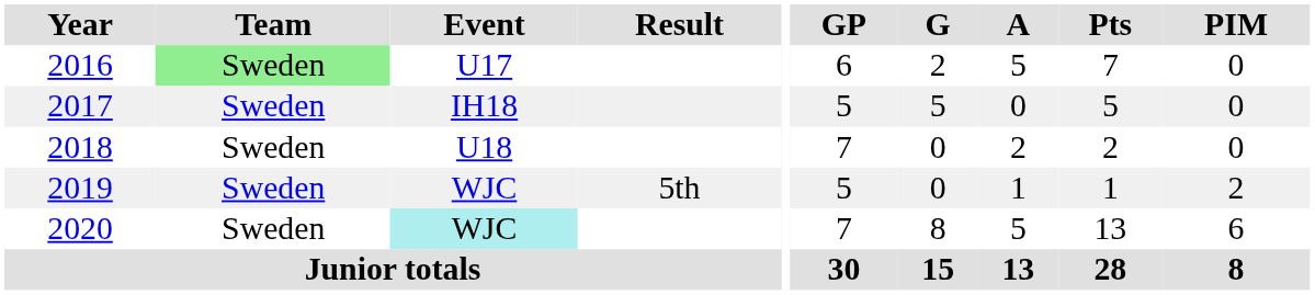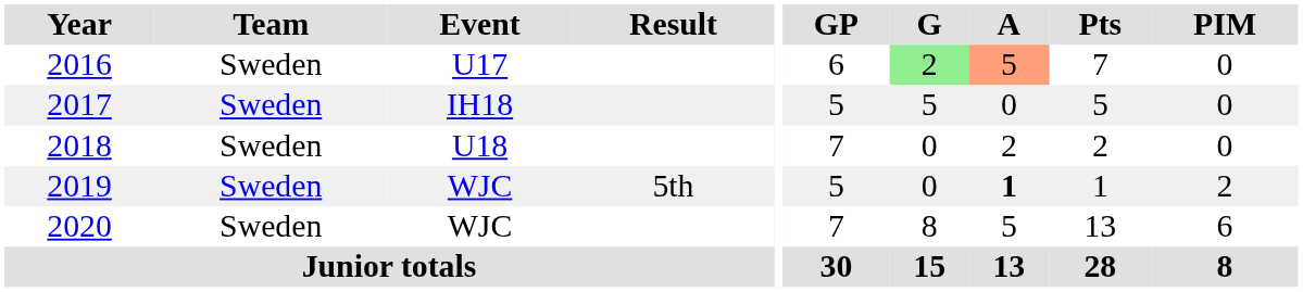 <table border="0" cellpadding="1" cellspacing="0" ID="Table3" style="text-align:center; width:40em">
 <tr ALIGN="center" bgcolor="#e0e0e0">
 <th>Year</th>
 <th>Team</th>
 <th>Event</th>
 <th>Result</th>
 <th rowspan="99" bgcolor="#ffffff"></th>
 <th>GP</th>
 <th>G</th>
 <th>A</th>
 <th>Pts</th>
 <th>PIM</th>
 </tr>
 <tr>
 <td><a href='#'>2016</a></td>
-<td style="background: lightgreen;">Sweden</td>
+<td>Sweden</td>
 <td><a href='#'>U17</a></td>
 <td></td>
 <td>6</td>
-<td>2</td>
-<td>5</td>
+<td style="background: lightgreen;">2</td>
+<td style="background: lightsalmon;">5</td>
 <td>7</td>
 <td>0</td>
 </tr>
 <tr bgcolor="#f0f0f0">
 <td><a href='#'>2017</a></td>
 <td><a href='#'>Sweden</a></td>
 <td><a href='#'>IH18</a></td>
 <td></td>
 <td>5</td>
 <td>5</td>
 <td>0</td>
 <td>5</td>
 <td>0</td>
 </tr>
 <tr>
 <td><a href='#'>2018</a></td>
 <td>Sweden</td>
 <td><a href='#'>U18</a></td>
 <td></td>
 <td>7</td>
 <td>0</td>
 <td>2</td>
 <td>2</td>
 <td>0</td>
 </tr>
 <tr bgcolor="#f0f0f0">
 <td><a href='#'>2019</a></td>
 <td><a href='#'>Sweden</a></td>
 <td><a href='#'>WJC</a></td>
 <td>5th</td>
 <td>5</td>
 <td>0</td>
-<td>1</td>
+<td><strong>1</strong></td>
 <td>1</td>
 <td>2</td>
 </tr>
 <tr>
 <td><a href='#'>2020</a></td>
 <td>Sweden</td>
-<td style="background: paleturquoise;">WJC</td>
+<td>WJC</td>
 <td></td>
 <td>7</td>
 <td>8</td>
 <td>5</td>
 <td>13</td>
 <td>6</td>
 </tr>
 <tr bgcolor="#e0e0e0">
 <th colspan="4">Junior totals</th>
 <th>30</th>
 <th>15</th>
 <th>13</th>
 <th>28</th>
 <th>8</th>
 </tr>
 </table>
